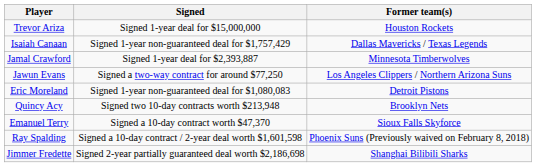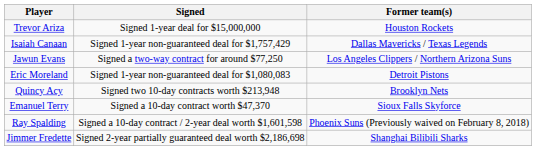 <table class="wikitable sortable sortable" style="text-align: center">
 <tr>
 <th>Player</th>
 <th>Signed</th>
 <th>Former team(s)</th>
 </tr>
 <tr style="text-align: center">
 <td><a href='#'>Trevor Ariza</a></td>
 <td>Signed 1-year deal for $15,000,000</td>
 <td><a href='#'>Houston Rockets</a></td>
 </tr>
 <tr style="text-align: center">
 <td><a href='#'>Isaiah Canaan</a></td>
 <td>Signed 1-year non-guaranteed deal for $1,757,429</td>
 <td><a href='#'>Dallas Mavericks</a> / <a href='#'>Texas Legends</a></td>
-</tr>
-<tr style="text-align: center">
-<td><a href='#'>Jamal Crawford</a></td>
-<td>Signed 1-year deal for $2,393,887</td>
-<td><a href='#'>Minnesota Timberwolves</a></td>
 </tr>
 <tr style="text-align: center">
 <td><a href='#'>Jawun Evans</a></td>
 <td>Signed a <a href='#'>two-way contract</a> for around $77,250</td>
 <td><a href='#'>Los Angeles Clippers</a> / <a href='#'>Northern Arizona Suns</a></td>
 </tr>
 <tr style="text-align: center">
 <td><a href='#'>Eric Moreland</a></td>
 <td>Signed 1-year non-guaranteed deal for $1,080,083</td>
 <td><a href='#'>Detroit Pistons</a></td>
 </tr>
 <tr style="text-align: center">
 <td><a href='#'>Quincy Acy</a></td>
 <td>Signed two 10-day contracts worth $213,948</td>
 <td><a href='#'>Brooklyn Nets</a></td>
 </tr>
 <tr style="text-align: center">
 <td><a href='#'>Emanuel Terry</a></td>
 <td>Signed a 10-day contract worth $47,370</td>
 <td><a href='#'>Sioux Falls Skyforce</a></td>
 </tr>
 <tr style="text-align: center">
 <td><a href='#'>Ray Spalding</a></td>
 <td>Signed a 10-day contract / 2-year deal worth $1,601,598</td>
 <td><a href='#'>Phoenix Suns</a> (Previously waived on February 8, 2018)</td>
 </tr>
 <tr style="text-align: center">
 <td><a href='#'>Jimmer Fredette</a></td>
 <td>Signed 2-year partially guaranteed deal worth $2,186,698</td>
 <td> <a href='#'>Shanghai Bilibili Sharks</a></td>
 </tr>
 </table>
